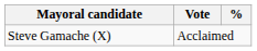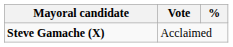 <table class="wikitable">
 <tr>
 <th bgcolor="#DDDDFF" width="200px">Mayoral candidate</th>
 <th bgcolor="#DDDDFF" width="50px">Vote</th>
 <th bgcolor="#DDDDFF"  width="30px">%</th>
 </tr>
 <tr>
-<td>Steve Gamache (X)</td>
+<td><strong>Steve Gamache (X)</strong></td>
 <td colspan="2">Acclaimed</td>
 </tr>
 </table>
